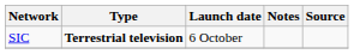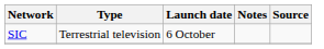 <table class="wikitable sortable">
 <tr>
 <th>Network</th>
 <th>Type</th>
 <th>Launch date</th>
 <th>Notes</th>
 <th>Source</th>
 </tr>
 <tr>
 <td><a href='#'>SIC</a></td>
-<td><strong>Terrestrial television</strong></td>
+<td>Terrestrial television</td>
 <td>6 October</td>
 <td></td>
 <td></td>
 </tr>
 <tr>
 </tr>
 </table>
